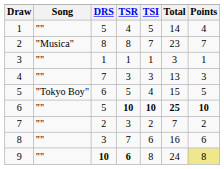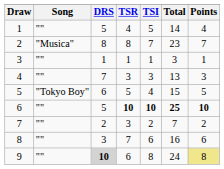 <table class="wikitable plainrowheaders" style="margin: 1em auto 1em auto; text-align:center;">
 <tr>
 </tr>
 <tr>
 <th scope="col">Draw</th>
 <th scope="col">Song</th>
 <th scope="col"><a href='#'>DRS</a></th>
 <th scope="col"><a href='#'>TSR</a></th>
 <th scope="col"><a href='#'>TSI</a></th>
 <th scope="col">Total</th>
 <th scope="col">Points</th>
 </tr>
 <tr --->
 <td>1</td>
 <td align="left">""</td>
 <td>5</td>
 <td>4</td>
 <td>5</td>
 <td>14</td>
 <td>4</td>
 </tr>
 <tr --->
 <td>2</td>
 <td align="left">"Musica"</td>
 <td>8</td>
 <td>8</td>
 <td>7</td>
 <td>23</td>
 <td>7</td>
 </tr>
 <tr --->
 <td>3</td>
 <td align="left">""</td>
 <td>1</td>
 <td>1</td>
 <td>1</td>
 <td>3</td>
 <td>1</td>
 </tr>
 <tr --->
 <td>4</td>
 <td align="left">""</td>
 <td>7</td>
 <td>3</td>
 <td>3</td>
 <td>13</td>
 <td>3</td>
 </tr>
 <tr --->
 <td>5</td>
 <td align="left">"Tokyo Boy"</td>
 <td>6</td>
 <td>5</td>
 <td>4</td>
 <td>15</td>
 <td>5</td>
 </tr>
 <tr --->
 <td>6</td>
 <td align="left">""</td>
 <td>5</td>
 <td><strong>10</strong></td>
 <td><strong>10</strong></td>
 <td><strong>25</strong></td>
 <td><strong>10</strong></td>
 </tr>
 <tr --->
 <td>7</td>
 <td align="left">""</td>
 <td>2</td>
 <td>3</td>
 <td>2</td>
 <td>7</td>
 <td>2</td>
 </tr>
 <tr --->
 <td>8</td>
 <td align="left">""</td>
 <td>3</td>
 <td>7</td>
 <td>6</td>
 <td>16</td>
 <td>6</td>
 </tr>
 <tr --->
 <td>9</td>
 <td align="left">""</td>
-<td><strong>10</strong></td>
-<td><strong>6</strong></td>
+<td style="background: lightgrey;"><strong>10</strong></td>
+<td>6</td>
 <td>8</td>
 <td>24</td>
 <td style="background: khaki;">8</td>
 </tr>
 </table>
